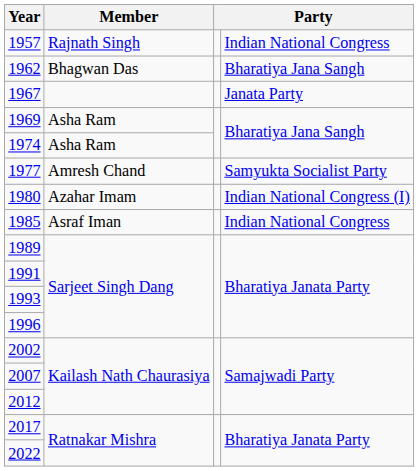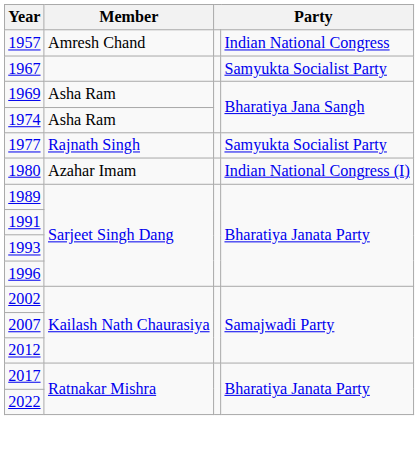 <table class="wikitable">
 <tr>
 <th>Year</th>
 <th>Member</th>
 <th colspan="2">Party</th>
 </tr>
 <tr>
 <td><a href='#'>1957</a></td>
-<td><a href='#'>Rajnath Singh</a></td>
+<td>Amresh Chand</td>
 <td style="background-color: "></td>
 <td><a href='#'>Indian National Congress</a></td>
-</tr>
-<tr>
-<td><a href='#'>1962</a></td>
-<td>Bhagwan Das</td>
-<td style="background-color: "></td>
-<td><a href='#'>Bharatiya Jana Sangh</a></td>
 </tr>
 <tr>
 <td><a href='#'>1967</a></td>
 <td></td>
 <td style="background-color: "></td>
-<td><a href='#'>Janata Party</a></td>
+<td><a href='#'>Samyukta Socialist Party</a></td>
 </tr>
 <tr>
 <td><a href='#'>1969</a></td>
 <td>Asha Ram</td>
 <td rowspan="2" style="background-color: "></td>
 <td rowspan="2"><a href='#'>Bharatiya Jana Sangh</a></td>
 </tr>
 <tr>
 <td><a href='#'>1974</a></td>
 <td>Asha Ram</td>
 </tr>
 <tr>
 <td><a href='#'>1977</a></td>
-<td>Amresh Chand</td>
+<td><a href='#'>Rajnath Singh</a></td>
 <td style="background-color: "></td>
 <td><a href='#'>Samyukta Socialist Party</a></td>
 </tr>
 <tr>
 <td><a href='#'>1980</a></td>
 <td>Azahar Imam</td>
 <td style="background-color: "></td>
 <td><a href='#'>Indian National Congress (I)</a></td>
-</tr>
-<tr>
-<td><a href='#'>1985</a></td>
-<td>Asraf Iman</td>
-<td style="background-color: "></td>
-<td><a href='#'>Indian National Congress</a></td>
 </tr>
 <tr>
 <td><a href='#'>1989</a></td>
 <td rowspan="4"><a href='#'>Sarjeet Singh Dang</a></td>
 <td rowspan="4" style="background-color: "></td>
 <td rowspan="4"><a href='#'>Bharatiya Janata Party</a></td>
 </tr>
 <tr>
 <td><a href='#'>1991</a></td>
 </tr>
 <tr>
 <td><a href='#'>1993</a></td>
 </tr>
 <tr>
 <td><a href='#'>1996</a></td>
 </tr>
 <tr>
 <td><a href='#'>2002</a></td>
 <td rowspan="3"><a href='#'>Kailash Nath Chaurasiya</a></td>
 <td rowspan="3" style="background-color: "></td>
 <td rowspan="3"><a href='#'>Samajwadi Party</a></td>
 </tr>
 <tr>
 <td><a href='#'>2007</a></td>
 </tr>
 <tr>
 <td><a href='#'>2012</a></td>
 </tr>
 <tr>
 <td><a href='#'>2017</a></td>
 <td rowspan="2"><a href='#'>Ratnakar Mishra</a></td>
 <td rowspan="2" style="background-color: "></td>
 <td rowspan="2"><a href='#'>Bharatiya Janata Party</a></td>
 </tr>
 <tr>
 <td><a href='#'>2022</a></td>
 </tr>
 </table>
